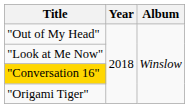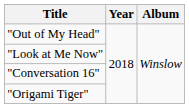 <table class="wikitable">
 <tr>
 <th>Title</th>
 <th>Year</th>
 <th>Album</th>
 </tr>
 <tr>
 <td>"Out of My Head"</td>
 <td rowspan="4">2018</td>
 <td rowspan="4"><em>Winslow</em></td>
 </tr>
 <tr>
 <td>"Look at Me Now"</td>
 </tr>
 <tr>
-<td style="background: gold;">"Conversation 16"</td>
+<td>"Conversation 16"</td>
 </tr>
 <tr>
 <td>"Origami Tiger"</td>
 </tr>
 </table>
